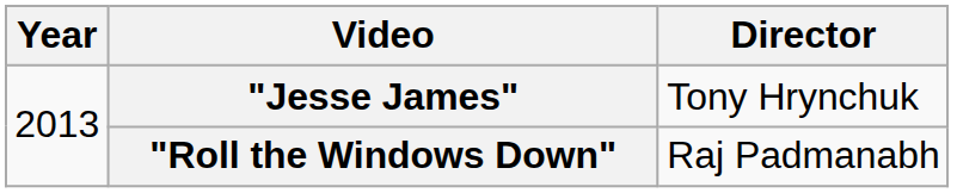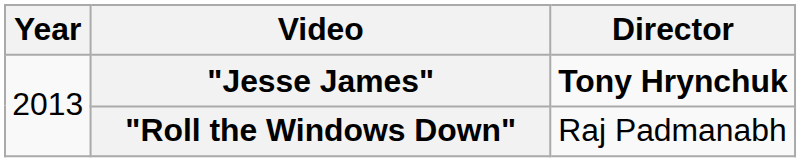 <table class="wikitable plainrowheaders">
 <tr>
 <th>Year</th>
 <th style="width:14em;">Video</th>
 <th>Director</th>
 </tr>
 <tr>
 <td rowspan="2">2013</td>
 <th scope="row">"Jesse James"</th>
-<td>Tony Hrynchuk</td>
+<td><strong>Tony Hrynchuk</strong></td>
 </tr>
 <tr>
 <th scope="row">"Roll the Windows Down"</th>
 <td>Raj Padmanabh</td>
 </tr>
 </table>
